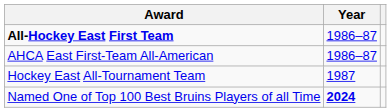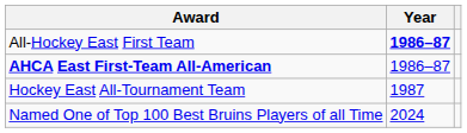 <table class="wikitable">
 <tr>
 <th>Award</th>
 <th>Year</th>
 <th></th>
 </tr>
 <tr>
-<td><strong>All-<a href='#'>Hockey East</a> <a href='#'>First Team</a></strong></td>
-<td><a href='#'>1986–87</a></td>
+<td>All-<a href='#'>Hockey East</a> <a href='#'>First Team</a></td>
+<td><strong><a href='#'>1986–87</a></strong></td>
 <td></td>
 </tr>
 <tr>
-<td><a href='#'>AHCA</a> <a href='#'>East First-Team All-American</a></td>
+<td><strong><a href='#'>AHCA</a> <a href='#'>East First-Team All-American</a></strong></td>
 <td><a href='#'>1986–87</a></td>
 <td></td>
 </tr>
 <tr>
 <td><a href='#'>Hockey East</a> <a href='#'>All-Tournament Team</a></td>
 <td><a href='#'>1987</a></td>
 <td></td>
 </tr>
 <tr>
 <td><a href='#'>Named One of Top 100 Best Bruins Players of all Time</a></td>
-<td><strong><a href='#'>2024</a></strong></td>
+<td><a href='#'>2024</a></td>
 <td></td>
 </tr>
 </table>
